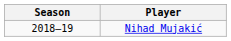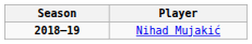 <table class="wikitable">
 <tr>
 <th style="width:120px;">Season</th>
 <th style="width:160px;">Player</th>
 </tr>
 <tr>
-<td style="text-align:center;">2018–19</td>
+<td style="text-align:center;"><strong>2018–19</strong></td>
 <td style="text-align:center;"> <a href='#'>Nihad Mujakić</a></td>
 </tr>
 </table>
